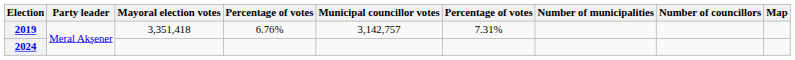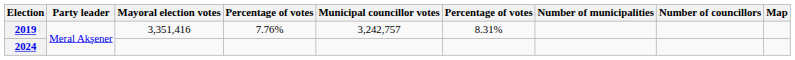 <table class="wikitable" style="text-align: center; border:none">
 <tr>
 <th>Election</th>
 <th>Party leader</th>
 <th>Mayoral election votes</th>
 <th>Percentage of votes</th>
 <th>Municipal councillor votes</th>
 <th>Percentage of votes</th>
 <th>Number of municipalities</th>
 <th>Number of councillors</th>
 <th>Map</th>
 </tr>
 <tr>
 <th><strong><a href='#'>2019</a></strong></th>
 <td rowspan="2"><a href='#'>Meral Akşener</a></td>
-<td>3,351,418</td>
-<td>6.76%</td>
-<td>3,142,757</td>
-<td>7.31%</td>
+<td>3,351,416</td>
+<td>7.76%</td>
+<td>3,242,757</td>
+<td>8.31%</td>
 <td><strong></strong></td>
 <td><strong></strong></td>
 <td></td>
 </tr>
 <tr>
 <th><strong><a href='#'>2024</a></strong></th>
 <td></td>
 <td></td>
 <td></td>
 <td></td>
 <td></td>
 <td></td>
 <td></td>
 </tr>
 <tr>
 </tr>
 </table>
